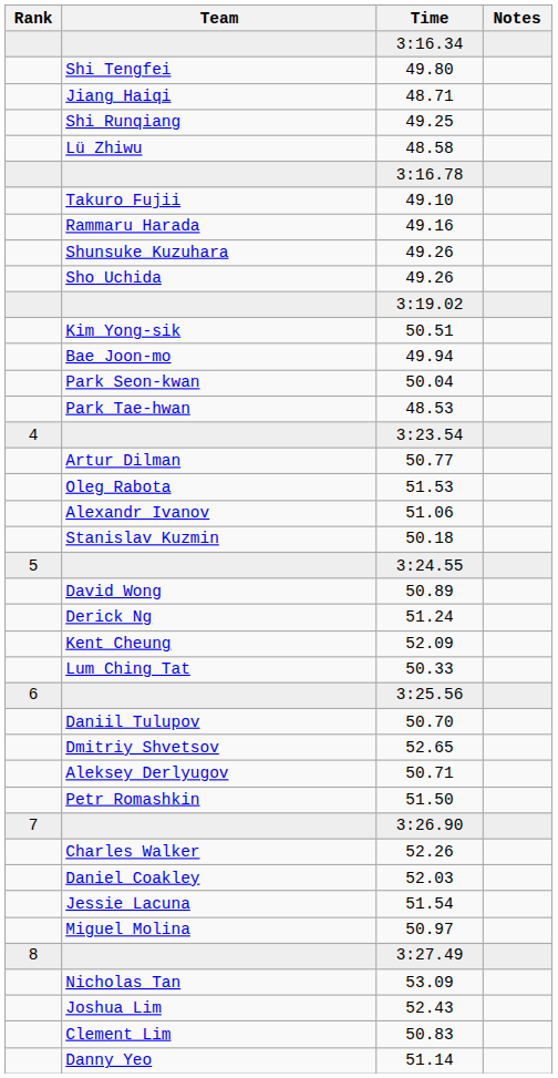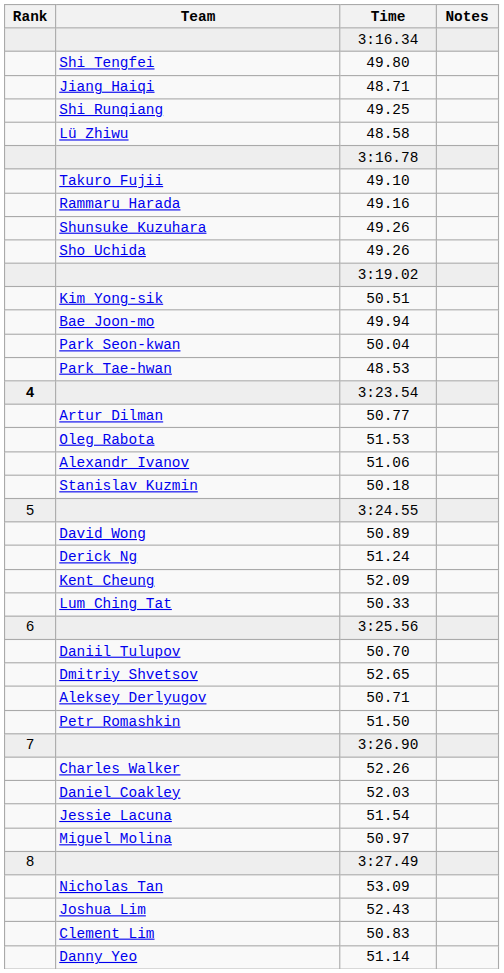 <table class="wikitable" style="text-align:center">
 <tr>
 <th width=40>Rank</th>
 <th width=250>Team</th>
 <th width=80>Time</th>
 <th width=50>Notes</th>
 </tr>
 <tr bgcolor=eeeeee>
 <td></td>
 <td align=left></td>
 <td>3:16.34</td>
 <td></td>
 </tr>
 <tr>
 <td></td>
 <td align=left><a href='#'>Shi Tengfei</a></td>
 <td>49.80</td>
 <td></td>
 </tr>
 <tr>
 <td></td>
 <td align=left><a href='#'>Jiang Haiqi</a></td>
 <td>48.71</td>
 <td></td>
 </tr>
 <tr>
 <td></td>
 <td align=left><a href='#'>Shi Runqiang</a></td>
 <td>49.25</td>
 <td></td>
 </tr>
 <tr>
 <td></td>
 <td align=left><a href='#'>Lü Zhiwu</a></td>
 <td>48.58</td>
 <td></td>
 </tr>
 <tr bgcolor=eeeeee>
 <td></td>
 <td align=left></td>
 <td>3:16.78</td>
 <td></td>
 </tr>
 <tr>
 <td></td>
 <td align=left><a href='#'>Takuro Fujii</a></td>
 <td>49.10</td>
 <td></td>
 </tr>
 <tr>
 <td></td>
 <td align=left><a href='#'>Rammaru Harada</a></td>
 <td>49.16</td>
 <td></td>
 </tr>
 <tr>
 <td></td>
 <td align=left><a href='#'>Shunsuke Kuzuhara</a></td>
 <td>49.26</td>
 <td></td>
 </tr>
 <tr>
 <td></td>
 <td align=left><a href='#'>Sho Uchida</a></td>
 <td>49.26</td>
 <td></td>
 </tr>
 <tr bgcolor=eeeeee>
 <td></td>
 <td align=left></td>
 <td>3:19.02</td>
 <td></td>
 </tr>
 <tr>
 <td></td>
 <td align=left><a href='#'>Kim Yong-sik</a></td>
 <td>50.51</td>
 <td></td>
 </tr>
 <tr>
 <td></td>
 <td align=left><a href='#'>Bae Joon-mo</a></td>
 <td>49.94</td>
 <td></td>
 </tr>
 <tr>
 <td></td>
 <td align=left><a href='#'>Park Seon-kwan</a></td>
 <td>50.04</td>
 <td></td>
 </tr>
 <tr>
 <td></td>
 <td align=left><a href='#'>Park Tae-hwan</a></td>
 <td>48.53</td>
 <td></td>
 </tr>
 <tr bgcolor=eeeeee>
-<td>4</td>
+<td><strong>4</strong></td>
 <td align=left></td>
 <td>3:23.54</td>
 <td></td>
 </tr>
 <tr>
 <td></td>
 <td align=left><a href='#'>Artur Dilman</a></td>
 <td>50.77</td>
 <td></td>
 </tr>
 <tr>
 <td></td>
 <td align=left><a href='#'>Oleg Rabota</a></td>
 <td>51.53</td>
 <td></td>
 </tr>
 <tr>
 <td></td>
 <td align=left><a href='#'>Alexandr Ivanov</a></td>
 <td>51.06</td>
 <td></td>
 </tr>
 <tr>
 <td></td>
 <td align=left><a href='#'>Stanislav Kuzmin</a></td>
 <td>50.18</td>
 <td></td>
 </tr>
 <tr bgcolor=eeeeee>
 <td>5</td>
 <td align=left></td>
 <td>3:24.55</td>
 <td></td>
 </tr>
 <tr>
 <td></td>
 <td align=left><a href='#'>David Wong</a></td>
 <td>50.89</td>
 <td></td>
 </tr>
 <tr>
 <td></td>
 <td align=left><a href='#'>Derick Ng</a></td>
 <td>51.24</td>
 <td></td>
 </tr>
 <tr>
 <td></td>
 <td align=left><a href='#'>Kent Cheung</a></td>
 <td>52.09</td>
 <td></td>
 </tr>
 <tr>
 <td></td>
 <td align=left><a href='#'>Lum Ching Tat</a></td>
 <td>50.33</td>
 <td></td>
 </tr>
 <tr bgcolor=eeeeee>
 <td>6</td>
 <td align=left></td>
 <td>3:25.56</td>
 <td></td>
 </tr>
 <tr>
 <td></td>
 <td align=left><a href='#'>Daniil Tulupov</a></td>
 <td>50.70</td>
 <td></td>
 </tr>
 <tr>
 <td></td>
 <td align=left><a href='#'>Dmitriy Shvetsov</a></td>
 <td>52.65</td>
 <td></td>
 </tr>
 <tr>
 <td></td>
 <td align=left><a href='#'>Aleksey Derlyugov</a></td>
 <td>50.71</td>
 <td></td>
 </tr>
 <tr>
 <td></td>
 <td align=left><a href='#'>Petr Romashkin</a></td>
 <td>51.50</td>
 <td></td>
 </tr>
 <tr bgcolor=eeeeee>
 <td>7</td>
 <td align=left></td>
 <td>3:26.90</td>
 <td></td>
 </tr>
 <tr>
 <td></td>
 <td align=left><a href='#'>Charles Walker</a></td>
 <td>52.26</td>
 <td></td>
 </tr>
 <tr>
 <td></td>
 <td align=left><a href='#'>Daniel Coakley</a></td>
 <td>52.03</td>
 <td></td>
 </tr>
 <tr>
 <td></td>
 <td align=left><a href='#'>Jessie Lacuna</a></td>
 <td>51.54</td>
 <td></td>
 </tr>
 <tr>
 <td></td>
 <td align=left><a href='#'>Miguel Molina</a></td>
 <td>50.97</td>
 <td></td>
 </tr>
 <tr bgcolor=eeeeee>
 <td>8</td>
 <td align=left></td>
 <td>3:27.49</td>
 <td></td>
 </tr>
 <tr>
 <td></td>
 <td align=left><a href='#'>Nicholas Tan</a></td>
 <td>53.09</td>
 <td></td>
 </tr>
 <tr>
 <td></td>
 <td align=left><a href='#'>Joshua Lim</a></td>
 <td>52.43</td>
 <td></td>
 </tr>
 <tr>
 <td></td>
 <td align=left><a href='#'>Clement Lim</a></td>
 <td>50.83</td>
 <td></td>
 </tr>
 <tr>
 <td></td>
 <td align=left><a href='#'>Danny Yeo</a></td>
 <td>51.14</td>
 <td></td>
 </tr>
 </table>
